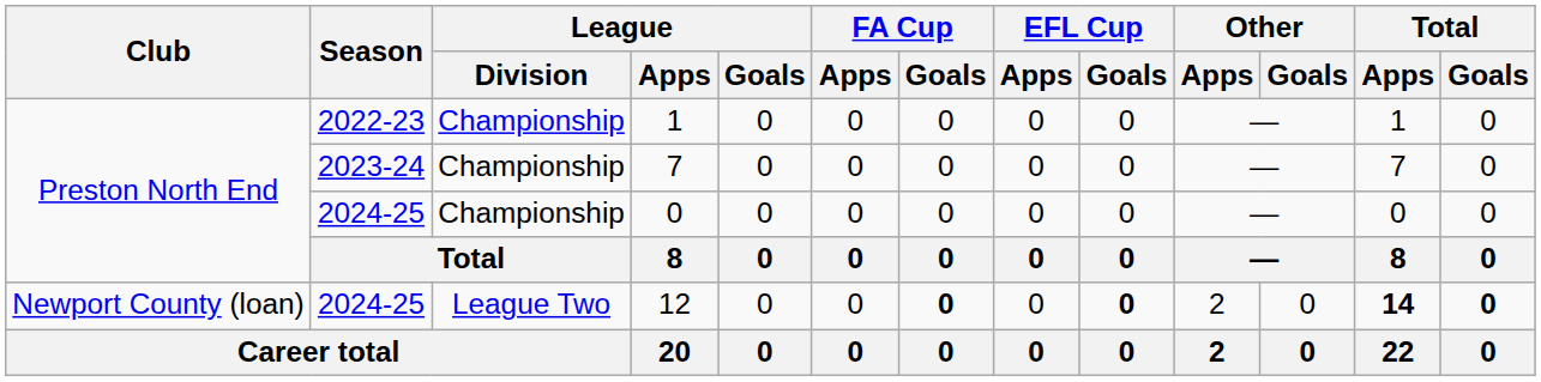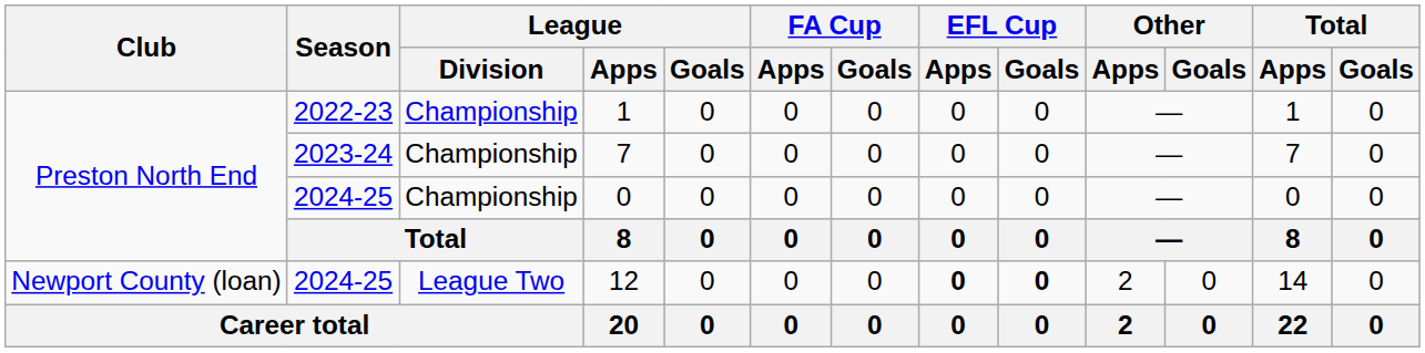 <table class="wikitable" style="text-align:center">
 <tr>
 <th rowspan="2">Club</th>
 <th rowspan="2">Season</th>
 <th colspan="3">League</th>
 <th colspan="2"><a href='#'>FA Cup</a></th>
 <th colspan="2"><a href='#'>EFL Cup</a></th>
 <th colspan="2">Other</th>
 <th colspan="2">Total</th>
 </tr>
 <tr>
 <th>Division</th>
 <th>Apps</th>
 <th>Goals</th>
 <th>Apps</th>
 <th>Goals</th>
 <th>Apps</th>
 <th>Goals</th>
 <th>Apps</th>
 <th>Goals</th>
 <th>Apps</th>
 <th>Goals</th>
 </tr>
 <tr>
 <td rowspan="4"><a href='#'>Preston North End</a></td>
 <td><a href='#'>2022-23</a></td>
 <td><a href='#'>Championship</a></td>
 <td>1</td>
 <td>0</td>
 <td>0</td>
 <td>0</td>
 <td>0</td>
 <td>0</td>
 <td colspan="2">—</td>
 <td>1</td>
 <td>0</td>
 </tr>
 <tr>
 <td><a href='#'>2023-24</a></td>
 <td>Championship</td>
 <td>7</td>
 <td>0</td>
 <td>0</td>
 <td>0</td>
 <td>0</td>
 <td>0</td>
 <td colspan="2">—</td>
 <td>7</td>
 <td>0</td>
 </tr>
 <tr>
 <td><a href='#'>2024-25</a></td>
 <td>Championship</td>
 <td>0</td>
 <td>0</td>
 <td>0</td>
 <td>0</td>
 <td>0</td>
 <td>0</td>
 <td colspan="2">—</td>
 <td>0</td>
 <td>0</td>
 </tr>
 <tr>
 <th colspan="2">Total</th>
 <th>8</th>
 <th>0</th>
 <th>0</th>
 <th>0</th>
 <th>0</th>
 <th>0</th>
 <th colspan="2">—</th>
 <th>8</th>
 <th>0</th>
 </tr>
 <tr>
 <td><a href='#'>Newport County</a> (loan)</td>
 <td><a href='#'>2024-25</a></td>
 <td><a href='#'>League Two</a></td>
 <td>12</td>
 <td>0</td>
 <td>0</td>
+<td>0</td>
 <td><strong>0</strong></td>
-<td>0</td>
 <td><strong>0</strong></td>
 <td>2</td>
 <td>0</td>
-<td><strong>14</strong></td>
-<td><strong>0</strong></td>
+<td>14</td>
+<td>0</td>
 </tr>
 <tr>
 <th colspan="3">Career total</th>
 <th>20</th>
 <th>0</th>
 <th>0</th>
 <th>0</th>
 <th>0</th>
 <th>0</th>
 <th>2</th>
 <th>0</th>
 <th>22</th>
 <th>0</th>
 </tr>
 </table>
